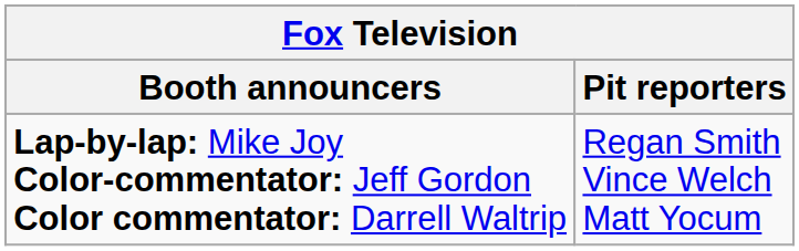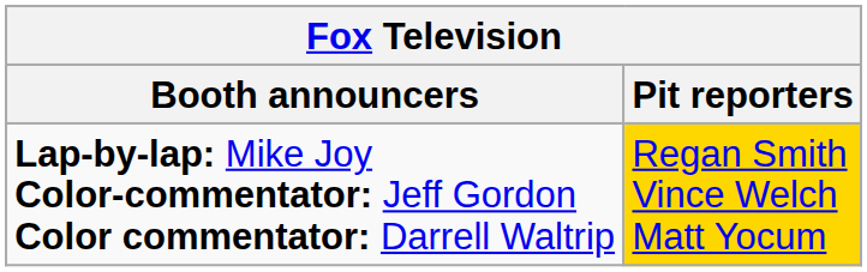 <table class="wikitable" style="font-size: 95%">
 <tr>
 <th colspan="2"><a href='#'>Fox</a> Television</th>
 </tr>
 <tr>
 <th>Booth announcers</th>
 <th>Pit reporters</th>
 </tr>
 <tr>
 <td><strong>Lap-by-lap:</strong> <a href='#'>Mike Joy</a><br><strong>Color-commentator:</strong> <a href='#'>Jeff Gordon</a><br><strong>Color commentator:</strong> <a href='#'>Darrell Waltrip</a></td>
-<td><a href='#'>Regan Smith</a><br><a href='#'>Vince Welch</a><br><a href='#'>Matt Yocum</a></td>
+<td style="background: gold;"><a href='#'>Regan Smith</a><br><a href='#'>Vince Welch</a><br><a href='#'>Matt Yocum</a></td>
 </tr>
 </table>
